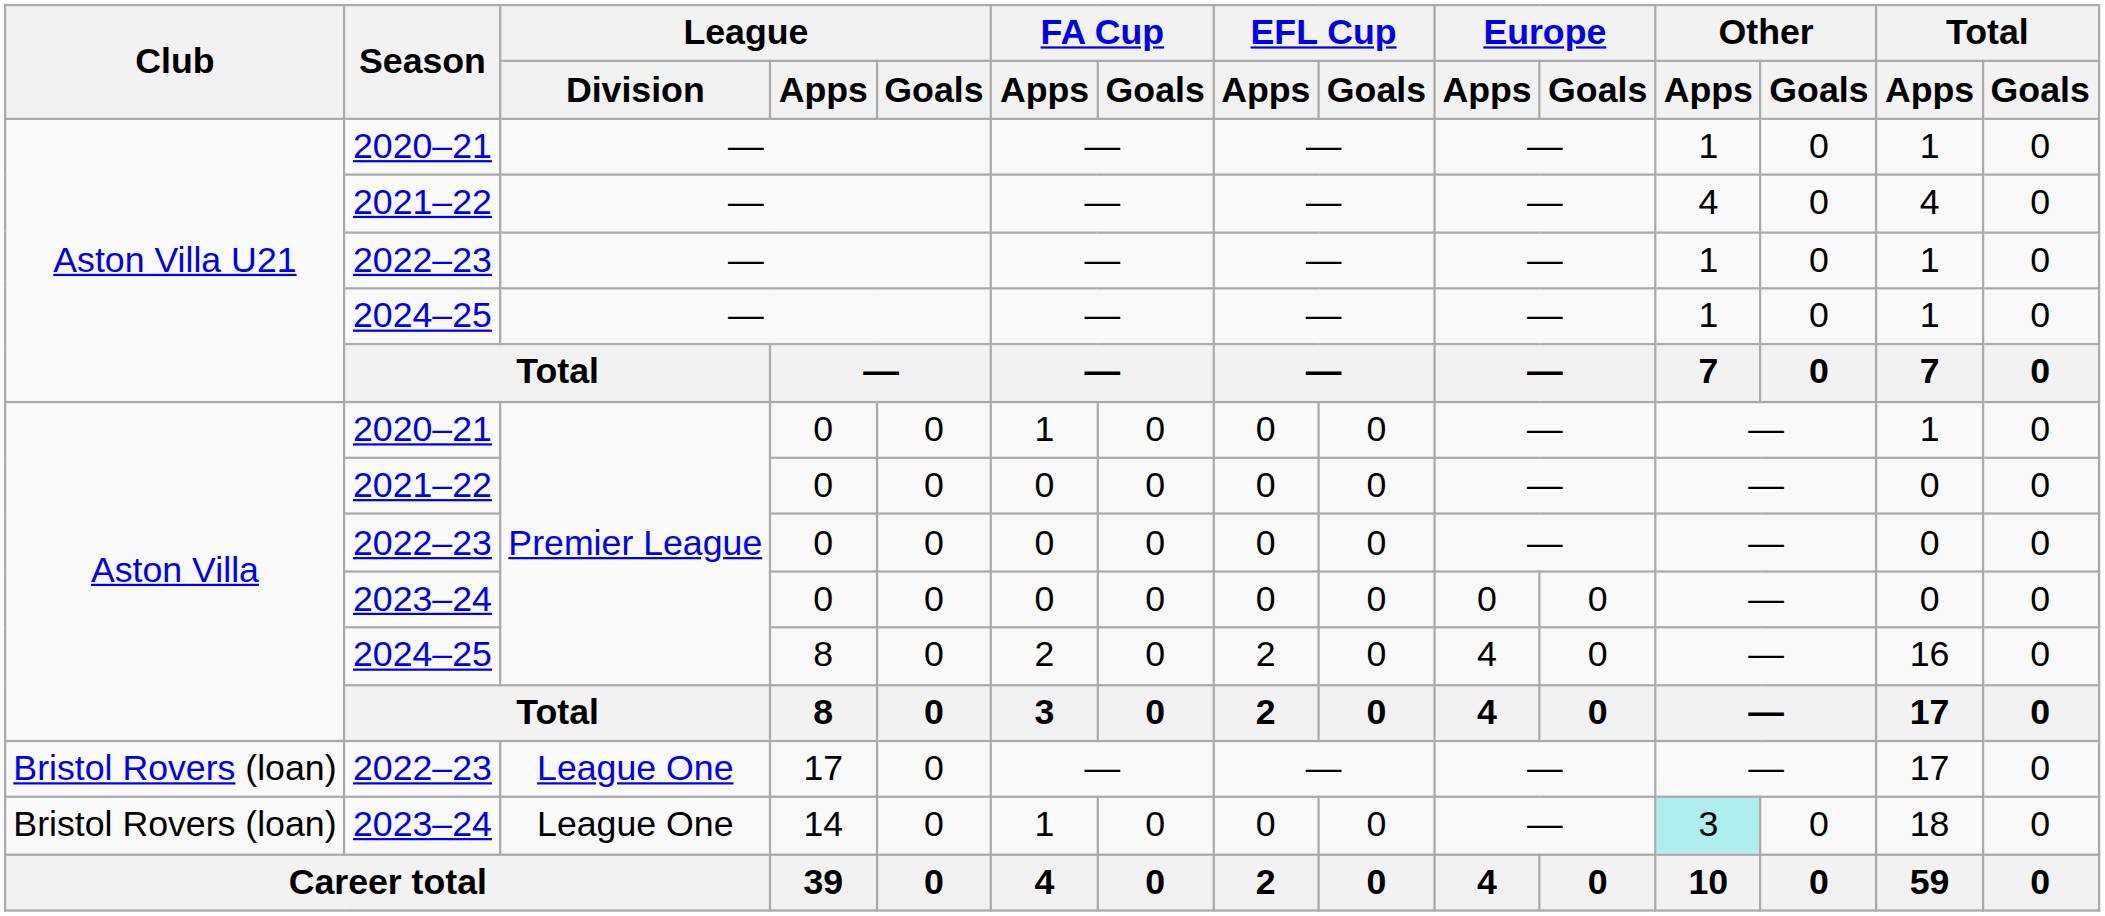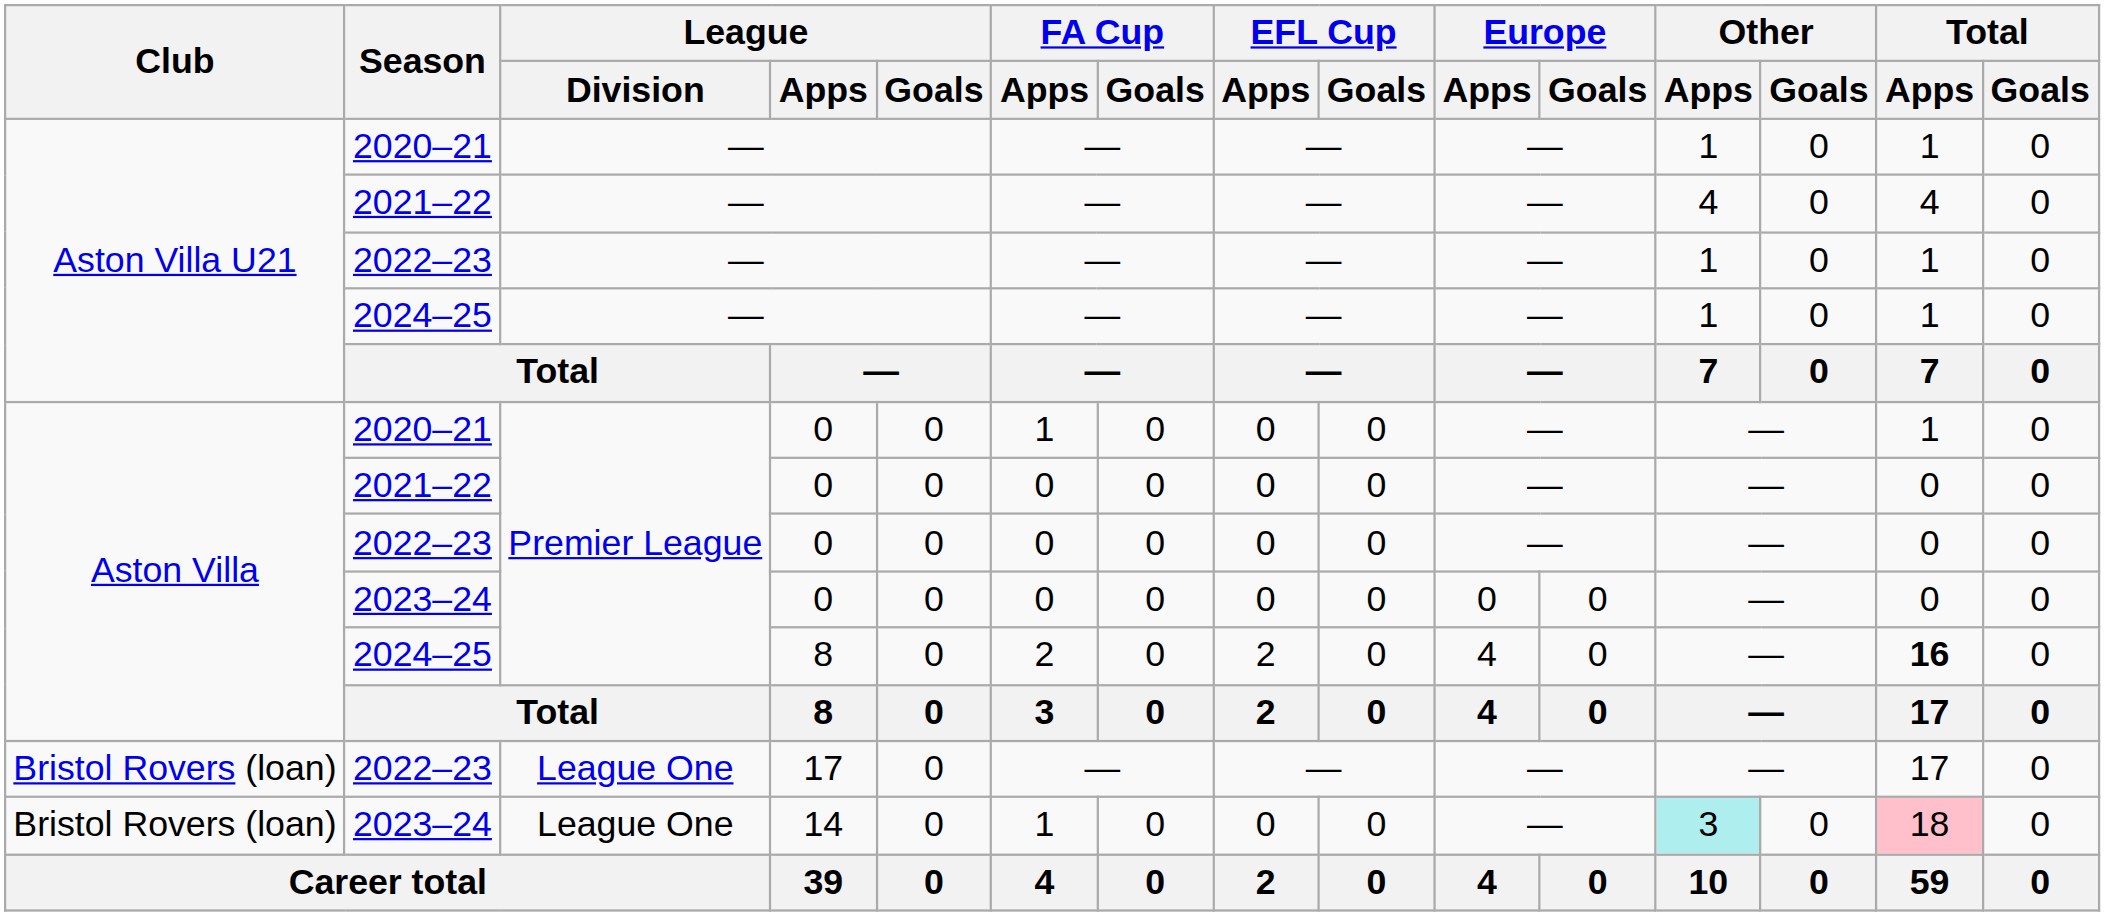 <table class="wikitable" style="text-align:center">
 <tr>
 <th rowspan="2">Club</th>
 <th rowspan="2">Season</th>
 <th colspan="3">League</th>
 <th colspan="2"><a href='#'>FA Cup</a></th>
 <th colspan="2"><a href='#'>EFL Cup</a></th>
 <th colspan="2"><a href='#'>Europe</a></th>
 <th colspan="2">Other</th>
 <th colspan="2">Total</th>
 </tr>
 <tr>
 <th>Division</th>
 <th>Apps</th>
 <th>Goals</th>
 <th>Apps</th>
 <th>Goals</th>
 <th>Apps</th>
 <th>Goals</th>
 <th>Apps</th>
 <th>Goals</th>
 <th>Apps</th>
 <th>Goals</th>
 <th>Apps</th>
 <th>Goals</th>
 </tr>
 <tr>
 <td rowspan="5"><a href='#'>Aston Villa U21</a></td>
 <td><a href='#'>2020–21</a></td>
 <td colspan="3">—</td>
 <td colspan="2">—</td>
 <td colspan="2">—</td>
 <td colspan="2">—</td>
 <td>1</td>
 <td>0</td>
 <td>1</td>
 <td>0</td>
 </tr>
 <tr>
 <td><a href='#'>2021–22</a></td>
 <td colspan="3">—</td>
 <td colspan="2">—</td>
 <td colspan="2">—</td>
 <td colspan="2">—</td>
 <td>4</td>
 <td>0</td>
 <td>4</td>
 <td>0</td>
 </tr>
 <tr>
 <td><a href='#'>2022–23</a></td>
 <td colspan="3">—</td>
 <td colspan="2">—</td>
 <td colspan="2">—</td>
 <td colspan="2">—</td>
 <td>1</td>
 <td>0</td>
 <td>1</td>
 <td>0</td>
 </tr>
 <tr>
 <td><a href='#'>2024–25</a></td>
 <td colspan="3">—</td>
 <td colspan="2">—</td>
 <td colspan="2">—</td>
 <td colspan="2">—</td>
 <td>1</td>
 <td>0</td>
 <td>1</td>
 <td>0</td>
 </tr>
 <tr>
 <th colspan="2">Total</th>
 <th colspan="2">—</th>
 <th colspan="2">—</th>
 <th colspan="2">—</th>
 <th colspan="2">—</th>
 <th>7</th>
 <th>0</th>
 <th>7</th>
 <th>0</th>
 </tr>
 <tr>
 <td rowspan="6"><a href='#'>Aston Villa</a></td>
 <td><a href='#'>2020–21</a></td>
 <td rowspan="5"><a href='#'>Premier League</a></td>
 <td>0</td>
 <td>0</td>
 <td>1</td>
 <td>0</td>
 <td>0</td>
 <td>0</td>
 <td colspan="2">—</td>
 <td colspan="2">—</td>
 <td>1</td>
 <td>0</td>
 </tr>
 <tr>
 <td><a href='#'>2021–22</a></td>
 <td>0</td>
 <td>0</td>
 <td>0</td>
 <td>0</td>
 <td>0</td>
 <td>0</td>
 <td colspan="2">—</td>
 <td colspan="2">—</td>
 <td>0</td>
 <td>0</td>
 </tr>
 <tr>
 <td><a href='#'>2022–23</a></td>
 <td>0</td>
 <td>0</td>
 <td>0</td>
 <td>0</td>
 <td>0</td>
 <td>0</td>
 <td colspan="2">—</td>
 <td colspan="2">—</td>
 <td>0</td>
 <td>0</td>
 </tr>
 <tr>
 <td><a href='#'>2023–24</a></td>
 <td>0</td>
 <td>0</td>
 <td>0</td>
 <td>0</td>
 <td>0</td>
 <td>0</td>
 <td>0</td>
 <td>0</td>
 <td colspan="2">—</td>
 <td>0</td>
 <td>0</td>
 </tr>
 <tr>
 <td><a href='#'>2024–25</a></td>
 <td>8</td>
 <td>0</td>
 <td>2</td>
 <td>0</td>
 <td>2</td>
 <td>0</td>
 <td>4</td>
 <td>0</td>
 <td colspan="2">—</td>
-<td>16</td>
+<td><strong>16</strong></td>
 <td>0</td>
 </tr>
 <tr>
 <th colspan="2">Total</th>
 <th>8</th>
 <th>0</th>
 <th>3</th>
 <th>0</th>
 <th>2</th>
 <th>0</th>
 <th>4</th>
 <th>0</th>
 <th colspan="2">—</th>
 <th>17</th>
 <th>0</th>
 </tr>
 <tr>
 <td><a href='#'>Bristol Rovers</a> (loan)</td>
 <td><a href='#'>2022–23</a></td>
 <td><a href='#'>League One</a></td>
 <td>17</td>
 <td>0</td>
 <td colspan="2">—</td>
 <td colspan="2">—</td>
 <td colspan="2">—</td>
 <td colspan="2">—</td>
 <td>17</td>
 <td>0</td>
 </tr>
 <tr>
 <td>Bristol Rovers (loan)</td>
 <td><a href='#'>2023–24</a></td>
 <td>League One</td>
 <td>14</td>
 <td>0</td>
 <td>1</td>
 <td>0</td>
 <td>0</td>
 <td>0</td>
 <td colspan="2">—</td>
 <td style="background: paleturquoise;">3</td>
 <td>0</td>
-<td>18</td>
+<td style="background: pink;">18</td>
 <td>0</td>
 </tr>
 <tr>
 <th colspan="3">Career total</th>
 <th>39</th>
 <th>0</th>
 <th>4</th>
 <th>0</th>
 <th>2</th>
 <th>0</th>
 <th>4</th>
 <th>0</th>
 <th>10</th>
 <th>0</th>
 <th>59</th>
 <th>0</th>
 </tr>
 </table>
